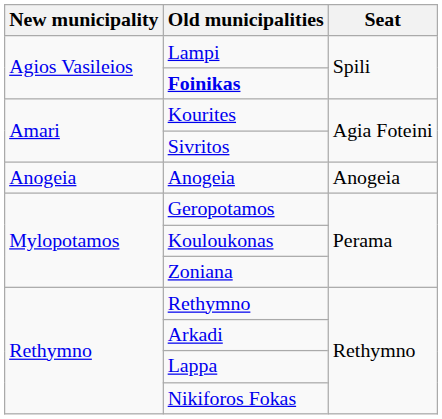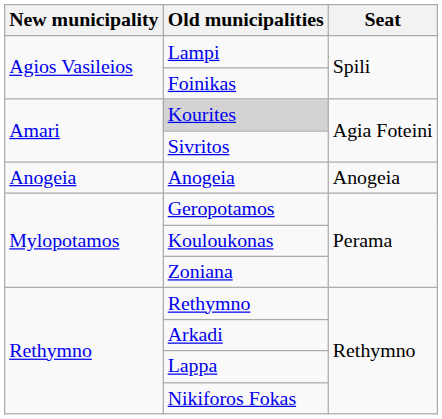 <table class="wikitable">
 <tr>
 <th>New municipality</th>
 <th>Old municipalities</th>
 <th>Seat</th>
 </tr>
 <tr>
 <td rowspan=2><a href='#'>Agios Vasileios</a></td>
 <td><a href='#'>Lampi</a></td>
 <td rowspan=2>Spili</td>
 </tr>
 <tr>
-<td><strong><a href='#'>Foinikas</a></strong></td>
+<td><a href='#'>Foinikas</a></td>
 </tr>
 <tr>
 <td rowspan=2><a href='#'>Amari</a></td>
-<td><a href='#'>Kourites</a></td>
+<td style="background: lightgrey;"><a href='#'>Kourites</a></td>
 <td rowspan=2>Agia Foteini</td>
 </tr>
 <tr>
 <td><a href='#'>Sivritos</a></td>
 </tr>
 <tr>
 <td><a href='#'>Anogeia</a></td>
 <td><a href='#'>Anogeia</a></td>
 <td>Anogeia</td>
 </tr>
 <tr>
 <td rowspan=3><a href='#'>Mylopotamos</a></td>
 <td><a href='#'>Geropotamos</a></td>
 <td rowspan=3>Perama</td>
 </tr>
 <tr>
 <td><a href='#'>Kouloukonas</a></td>
 </tr>
 <tr>
 <td><a href='#'>Zoniana</a></td>
 </tr>
 <tr>
 <td rowspan=4><a href='#'>Rethymno</a></td>
 <td><a href='#'>Rethymno</a></td>
 <td rowspan=4>Rethymno</td>
 </tr>
 <tr>
 <td><a href='#'>Arkadi</a></td>
 </tr>
 <tr>
 <td><a href='#'>Lappa</a></td>
 </tr>
 <tr>
 <td><a href='#'>Nikiforos Fokas</a></td>
 </tr>
 </table>
